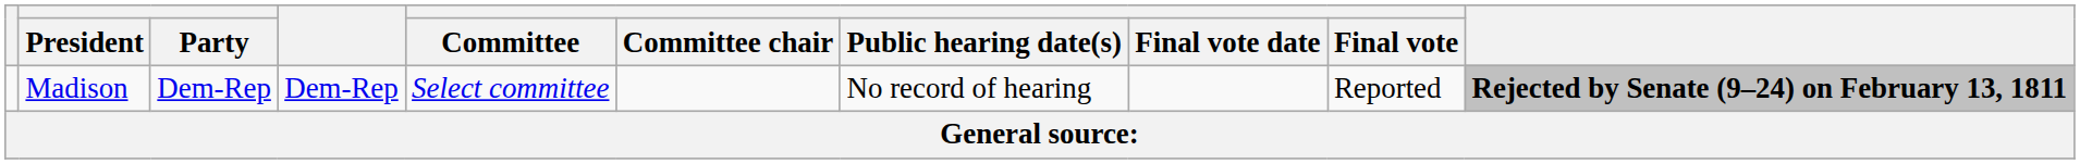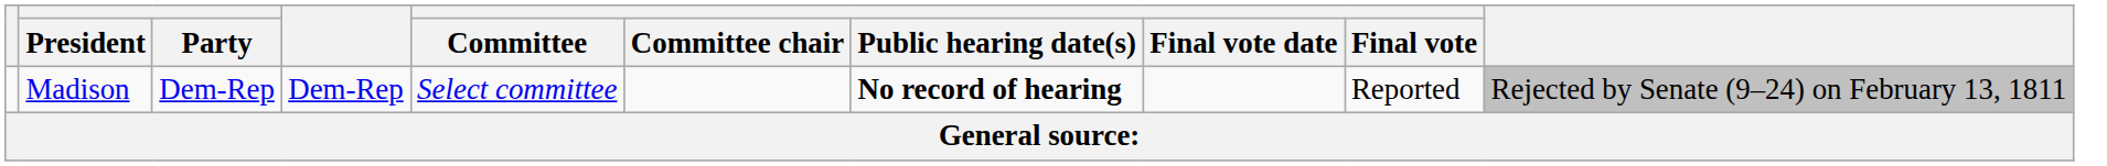 <table class="wikitable sortable">
 <tr>
 <th rowspan=2></th>
 <th colspan=2></th>
 <th rowspan=2></th>
 <th colspan=5></th>
 <th rowspan=2></th>
 </tr>
 <tr>
 <th>President</th>
 <th>Party</th>
 <th>Committee</th>
 <th>Committee chair</th>
 <th>Public hearing date(s)</th>
 <th>Final vote date</th>
 <th>Final vote</th>
 </tr>
 <tr>
 <td></td>
 <td><a href='#'>Madison</a></td>
 <td><a href='#'>Dem-Rep</a></td>
 <td><a href='#'>Dem-Rep</a></td>
 <td><em><a href='#'>Select committee</a></em></td>
 <td></td>
-<td>No record of hearing</td>
+<td><strong>No record of hearing</strong></td>
 <td></td>
 <td>Reported</td>
-<td data-sort-value="Rejected" bgcolor="#c0c0c0"><strong>Rejected by Senate (9–24) on February 13, 1811</strong></td>
+<td data-sort-value="Rejected" bgcolor="#c0c0c0">Rejected by Senate (9–24) on February 13, 1811</td>
 </tr>
 <tr>
 <th colspan=11>General source:</th>
 </tr>
 </table>
